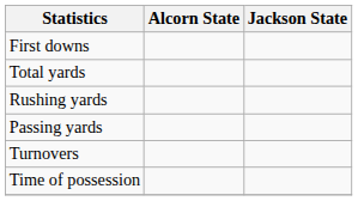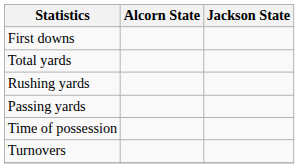 <table class="wikitable">
 <tr>
 <th>Statistics</th>
 <th>Alcorn State</th>
 <th>Jackson State</th>
 </tr>
 <tr>
 <td>First downs</td>
 <td></td>
 <td> </td>
 </tr>
 <tr>
 <td>Total yards</td>
 <td></td>
 <td> </td>
 </tr>
 <tr>
 <td>Rushing yards</td>
 <td></td>
 <td> </td>
 </tr>
 <tr>
 <td>Passing yards</td>
 <td></td>
 <td> </td>
 </tr>
 <tr>
-<td>Turnovers</td>
+<td>Time of possession</td>
 <td></td>
 <td> </td>
 </tr>
 <tr>
-<td>Time of possession</td>
+<td>Turnovers</td>
 <td></td>
 <td> </td>
 </tr>
 <tr>
 </tr>
 </table>
